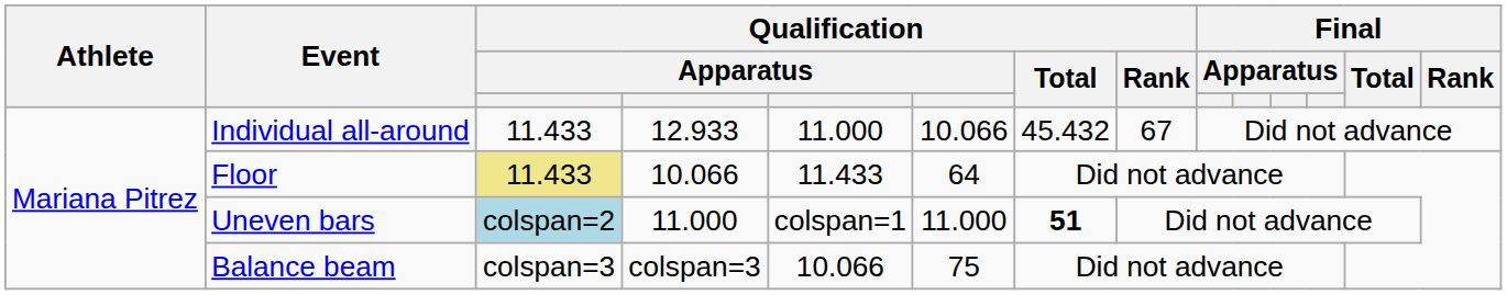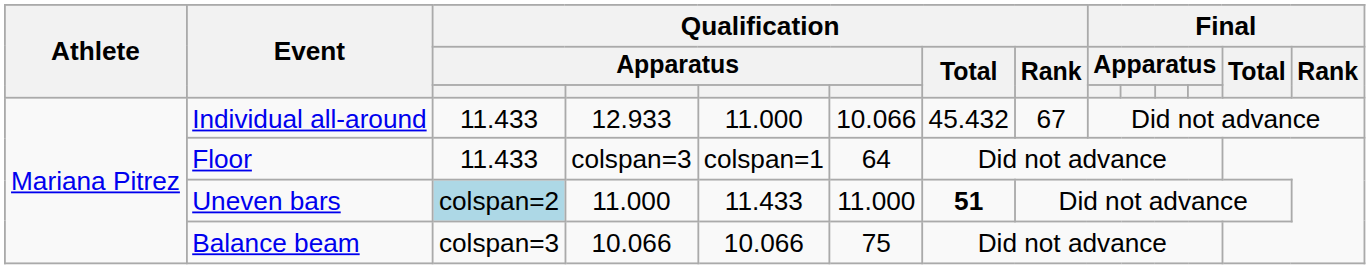 <table class=wikitable style="font-size:90%; text-align:center;">
 <tr>
 <th rowspan=3>Athlete</th>
 <th rowspan=3>Event</th>
 <th colspan=6>Qualification</th>
 <th colspan=6>Final</th>
 </tr>
 <tr style="font-size:95%">
 <th colspan=4>Apparatus</th>
 <th rowspan=2>Total</th>
 <th rowspan=2>Rank</th>
 <th colspan=4>Apparatus</th>
 <th rowspan=2>Total</th>
 <th rowspan=2>Rank</th>
 </tr>
 <tr style="font-size:95%">
 <th></th>
 <th></th>
 <th></th>
 <th></th>
 <th></th>
 <th></th>
 <th></th>
 <th></th>
 </tr>
 <tr>
 <td align=left rowspan=4><a href='#'>Mariana Pitrez</a></td>
 <td align=left><a href='#'>Individual all-around</a></td>
 <td>11.433</td>
 <td>12.933</td>
 <td>11.000</td>
 <td>10.066</td>
 <td>45.432</td>
 <td>67</td>
 <td colspan=6>Did not advance</td>
 </tr>
 <tr>
 <td align=left><a href='#'>Floor</a></td>
-<td style="background: khaki;">11.433</td>
-<td>10.066</td>
 <td>11.433</td>
+<td>colspan=3 </td>
+<td>colspan=1 </td>
 <td>64</td>
 <td colspan=6>Did not advance</td>
 </tr>
 <tr>
 <td align=left><a href='#'>Uneven bars</a></td>
 <td style="background: lightblue;">colspan=2 </td>
 <td>11.000</td>
-<td>colspan=1 </td>
+<td>11.433</td>
 <td>11.000</td>
 <td><strong>51</strong></td>
 <td colspan=6>Did not advance</td>
 </tr>
 <tr>
 <td align=left><a href='#'>Balance beam</a></td>
 <td>colspan=3 </td>
-<td>colspan=3 </td>
+<td>10.066</td>
 <td>10.066</td>
 <td>75</td>
 <td colspan=6>Did not advance</td>
 </tr>
 </table>
